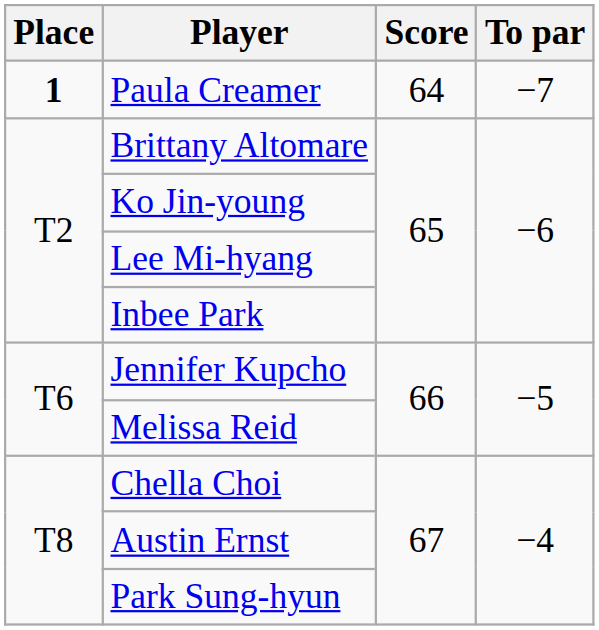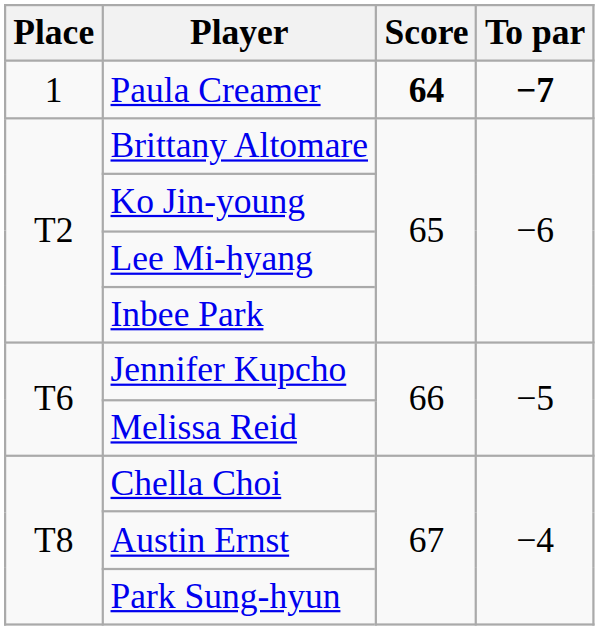 <table class="wikitable">
 <tr>
 <th>Place</th>
 <th>Player</th>
 <th>Score</th>
 <th>To par</th>
 </tr>
 <tr>
-<td align=center><strong>1</strong></td>
+<td align=center>1</td>
 <td> <a href='#'>Paula Creamer</a></td>
-<td align=center>64</td>
-<td align=center>−7</td>
+<td align=center><strong>64</strong></td>
+<td align=center><strong>−7</strong></td>
 </tr>
 <tr>
 <td align=center rowspan=4>T2</td>
 <td> <a href='#'>Brittany Altomare</a></td>
 <td align=center rowspan=4>65</td>
 <td align=center rowspan=4>−6</td>
 </tr>
 <tr>
 <td> <a href='#'>Ko Jin-young</a></td>
 </tr>
 <tr>
 <td> <a href='#'>Lee Mi-hyang</a></td>
 </tr>
 <tr>
 <td> <a href='#'>Inbee Park</a></td>
 </tr>
 <tr>
 <td align=center rowspan=2>T6</td>
 <td> <a href='#'>Jennifer Kupcho</a></td>
 <td align=center rowspan=2>66</td>
 <td align=center rowspan=2>−5</td>
 </tr>
 <tr>
 <td> <a href='#'>Melissa Reid</a></td>
 </tr>
 <tr>
 <td align=center rowspan=3>T8</td>
 <td> <a href='#'>Chella Choi</a></td>
 <td align=center rowspan=3>67</td>
 <td align=center rowspan=3>−4</td>
 </tr>
 <tr>
 <td> <a href='#'>Austin Ernst</a></td>
 </tr>
 <tr>
 <td> <a href='#'>Park Sung-hyun</a></td>
 </tr>
 </table>
